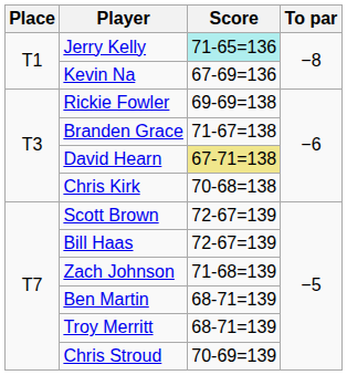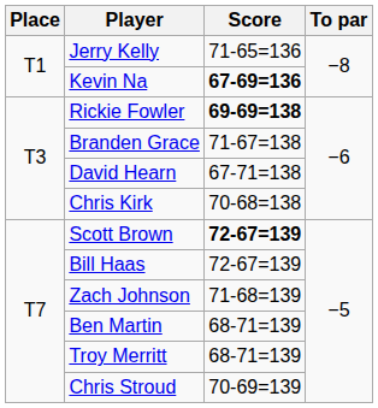 <table class="wikitable">
 <tr>
 <th>Place</th>
 <th>Player</th>
 <th>Score</th>
 <th>To par</th>
 </tr>
 <tr>
 <td rowspan=2 align=center>T1</td>
 <td> <a href='#'>Jerry Kelly</a></td>
-<td style="background: paleturquoise;">71-65=136</td>
+<td>71-65=136</td>
 <td rowspan=2 align=center>−8</td>
 </tr>
 <tr>
 <td> <a href='#'>Kevin Na</a></td>
-<td>67-69=136</td>
+<td><strong>67-69=136</strong></td>
 </tr>
 <tr>
 <td rowspan=4 align=center>T3</td>
 <td> <a href='#'>Rickie Fowler</a></td>
-<td>69-69=138</td>
+<td><strong>69-69=138</strong></td>
 <td rowspan=4 align=center>−6</td>
 </tr>
 <tr>
 <td> <a href='#'>Branden Grace</a></td>
 <td>71-67=138</td>
 </tr>
 <tr>
 <td> <a href='#'>David Hearn</a></td>
-<td style="background: khaki;">67-71=138</td>
+<td>67-71=138</td>
 </tr>
 <tr>
 <td> <a href='#'>Chris Kirk</a></td>
 <td>70-68=138</td>
 </tr>
 <tr>
 <td rowspan=6 align=center>T7</td>
 <td> <a href='#'>Scott Brown</a></td>
-<td>72-67=139</td>
+<td><strong>72-67=139</strong></td>
 <td rowspan=6 align=center>−5</td>
 </tr>
 <tr>
 <td> <a href='#'>Bill Haas</a></td>
 <td>72-67=139</td>
 </tr>
 <tr>
 <td> <a href='#'>Zach Johnson</a></td>
 <td>71-68=139</td>
 </tr>
 <tr>
 <td> <a href='#'>Ben Martin</a></td>
 <td>68-71=139</td>
 </tr>
 <tr>
 <td> <a href='#'>Troy Merritt</a></td>
 <td>68-71=139</td>
 </tr>
 <tr>
 <td> <a href='#'>Chris Stroud</a></td>
 <td>70-69=139</td>
 </tr>
 </table>
